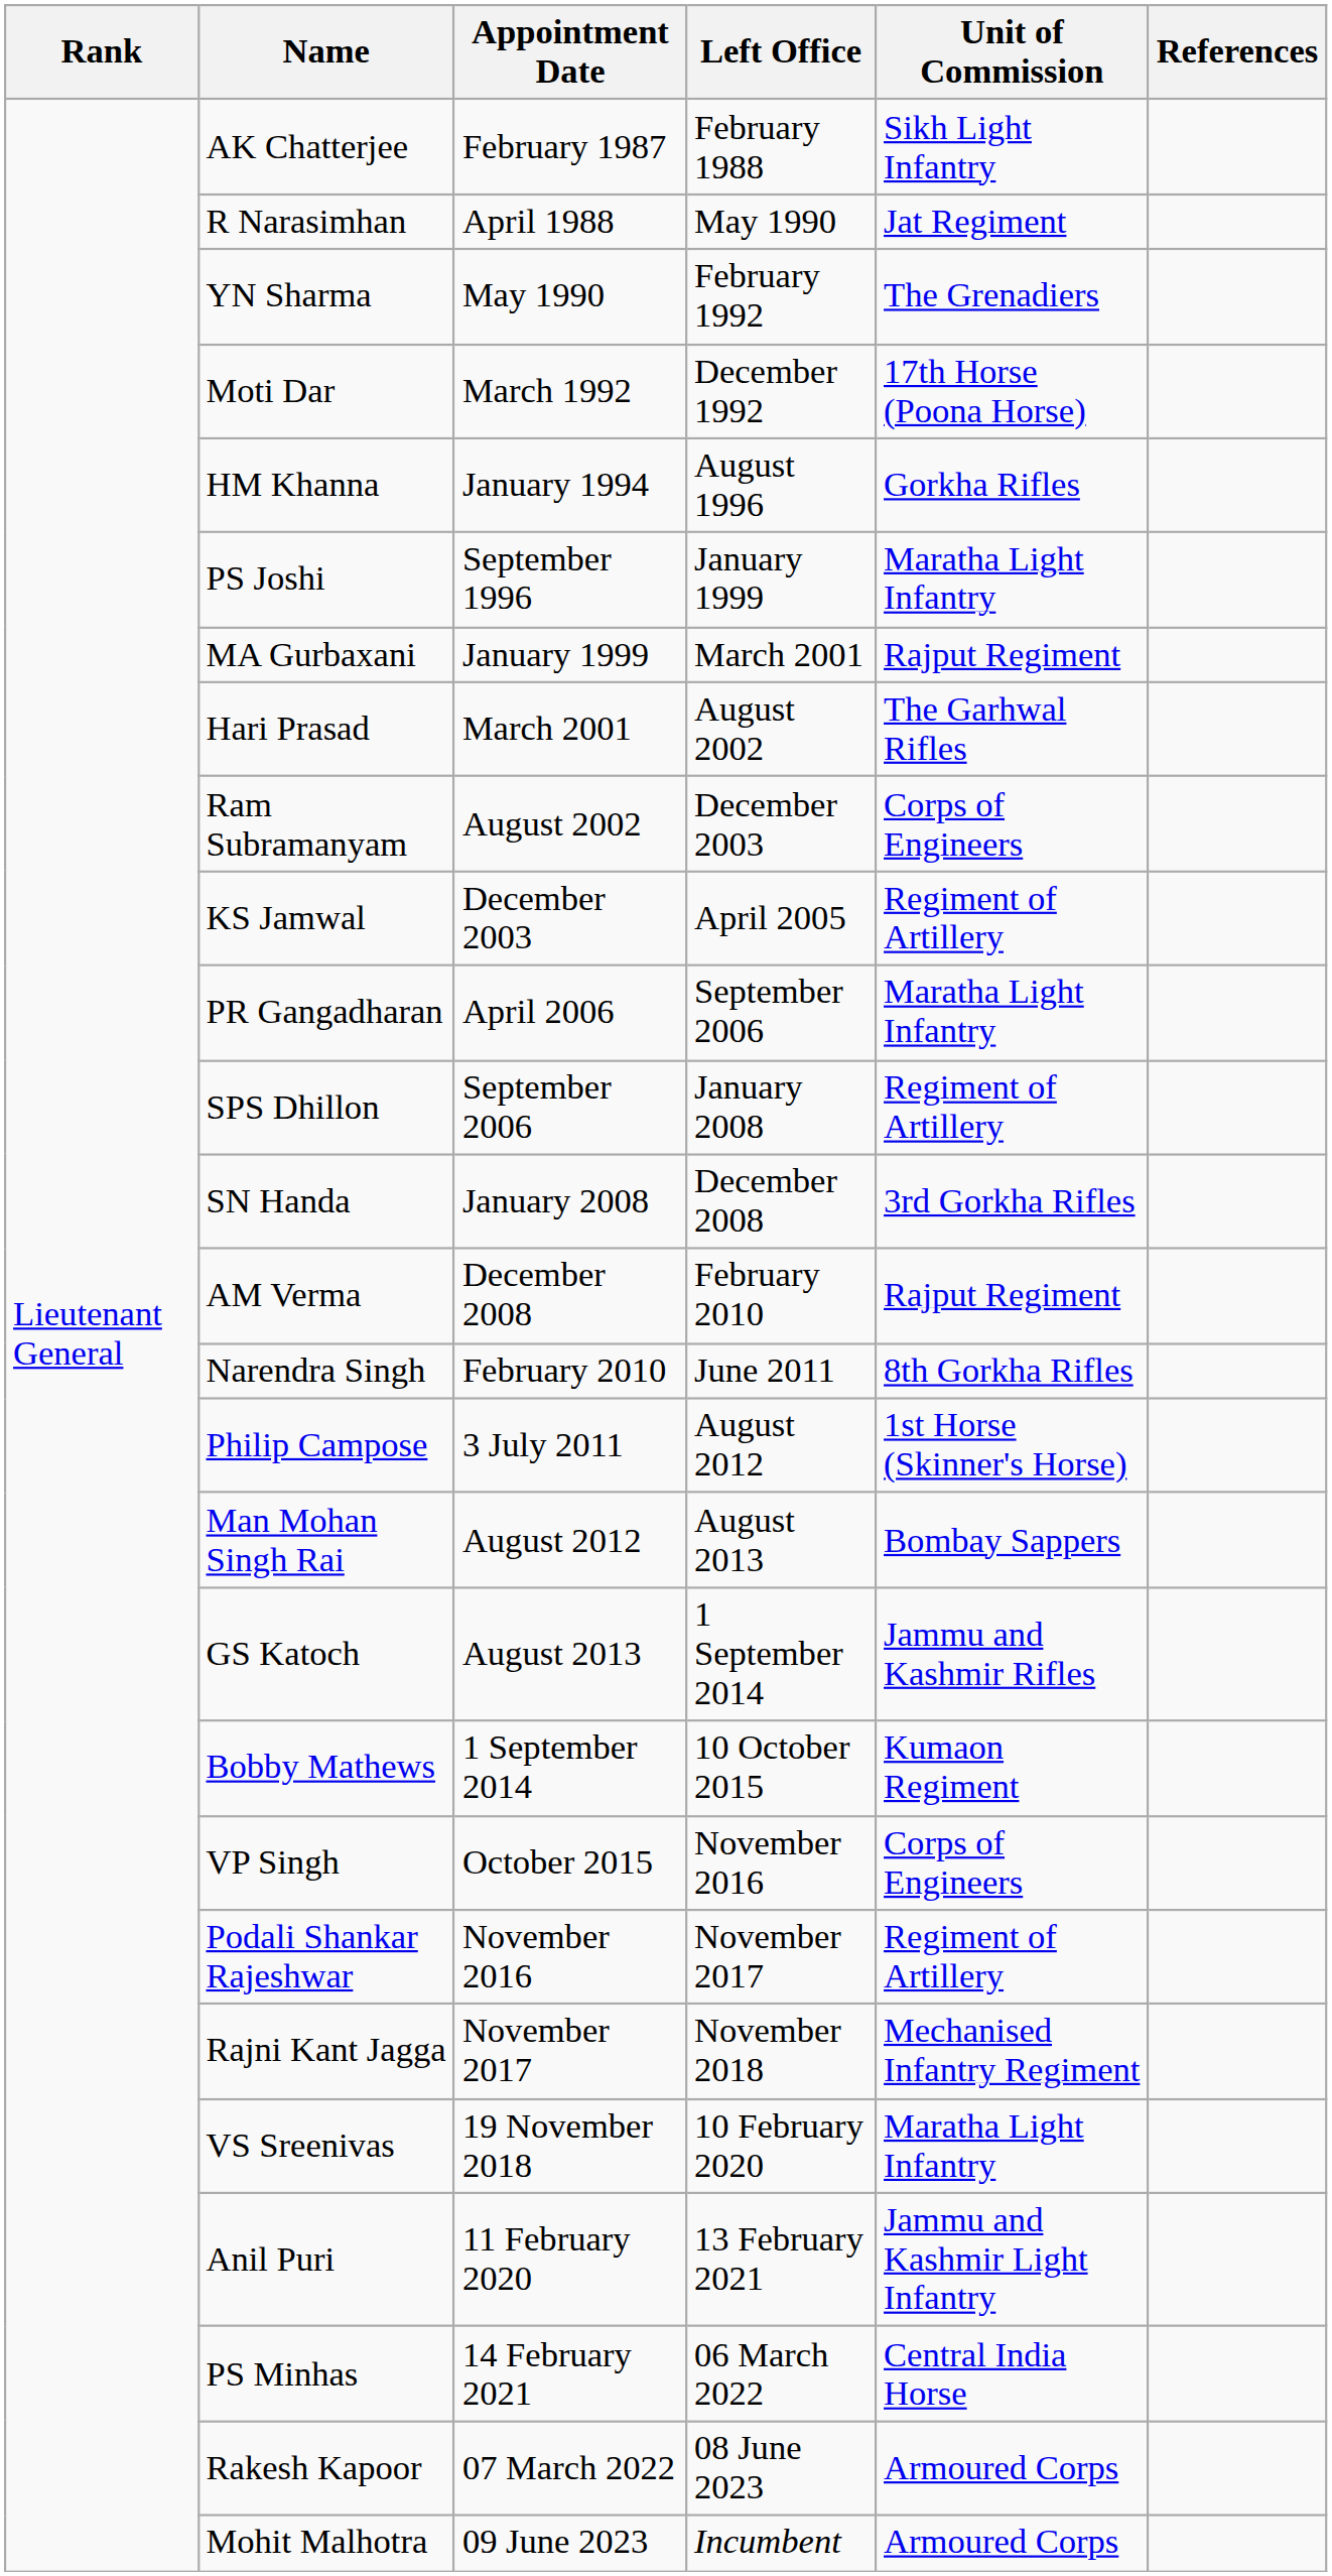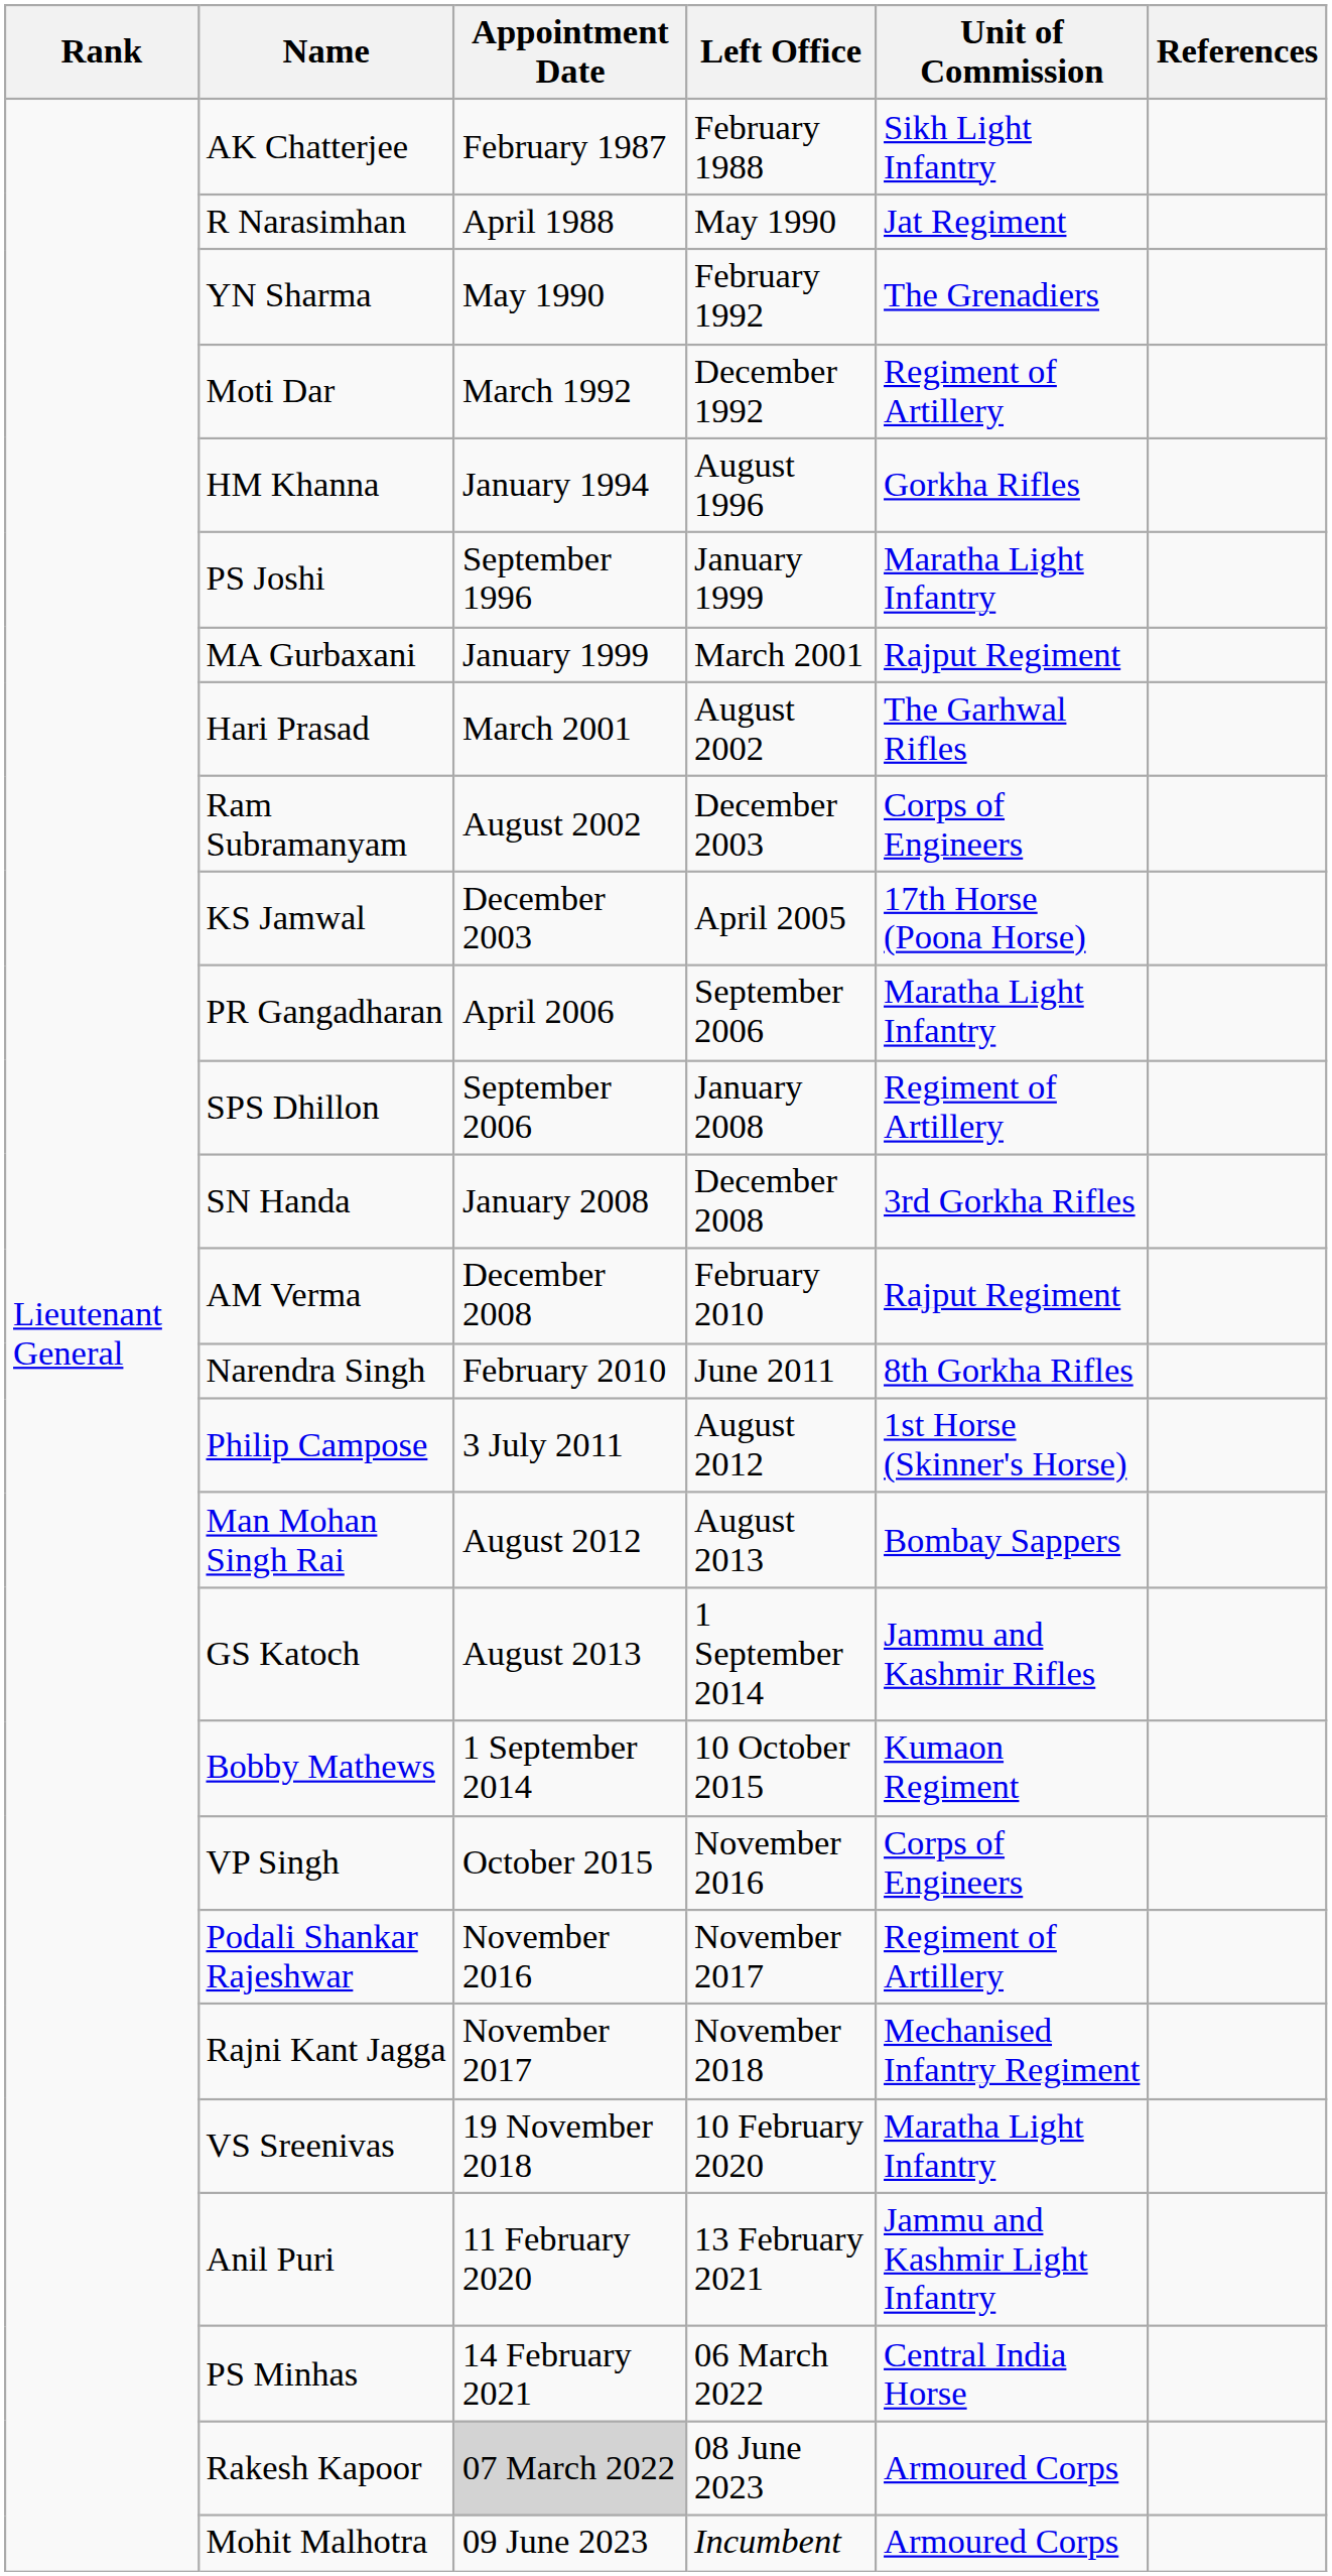 <table class="wikitable">
 <tr>
 <th>Rank</th>
 <th>Name</th>
 <th>Appointment Date</th>
 <th>Left Office</th>
 <th>Unit of Commission</th>
 <th>References</th>
 </tr>
 <tr>
 <td rowspan="27"><a href='#'>Lieutenant General</a></td>
 <td>AK Chatterjee</td>
 <td>February 1987</td>
 <td>February 1988</td>
 <td><a href='#'>Sikh Light Infantry</a></td>
 <td></td>
 </tr>
 <tr>
 <td>R Narasimhan</td>
 <td>April 1988</td>
 <td>May 1990</td>
 <td><a href='#'>Jat Regiment</a></td>
 <td></td>
 </tr>
 <tr>
 <td>YN Sharma</td>
 <td>May 1990</td>
 <td>February 1992</td>
 <td><a href='#'>The Grenadiers</a></td>
 <td></td>
 </tr>
 <tr>
 <td>Moti Dar</td>
 <td>March 1992</td>
 <td>December 1992</td>
-<td><a href='#'>17th Horse (Poona Horse)</a></td>
+<td><a href='#'>Regiment of Artillery</a></td>
 <td></td>
 </tr>
 <tr>
 <td>HM Khanna</td>
 <td>January 1994</td>
 <td>August 1996</td>
 <td><a href='#'>Gorkha Rifles</a></td>
 <td></td>
 </tr>
 <tr>
 <td>PS Joshi</td>
 <td>September 1996</td>
 <td>January 1999</td>
 <td><a href='#'>Maratha Light Infantry</a></td>
 <td></td>
 </tr>
 <tr>
 <td>MA Gurbaxani</td>
 <td>January 1999</td>
 <td>March 2001</td>
 <td><a href='#'>Rajput Regiment</a></td>
 <td></td>
 </tr>
 <tr>
 <td>Hari Prasad</td>
 <td>March 2001</td>
 <td>August 2002</td>
 <td><a href='#'>The Garhwal Rifles</a></td>
 <td></td>
 </tr>
 <tr>
 <td>Ram Subramanyam</td>
 <td>August 2002</td>
 <td>December 2003</td>
 <td><a href='#'>Corps of Engineers</a></td>
 <td></td>
 </tr>
 <tr>
 <td>KS Jamwal</td>
 <td>December 2003</td>
 <td>April 2005</td>
-<td><a href='#'>Regiment of Artillery</a></td>
+<td><a href='#'>17th Horse (Poona Horse)</a></td>
 <td></td>
 </tr>
 <tr>
 <td>PR Gangadharan</td>
 <td>April 2006</td>
 <td>September 2006</td>
 <td><a href='#'>Maratha Light Infantry</a></td>
 <td></td>
 </tr>
 <tr>
 <td>SPS Dhillon</td>
 <td>September 2006</td>
 <td>January 2008</td>
 <td><a href='#'>Regiment of Artillery</a></td>
 <td></td>
 </tr>
 <tr>
 <td>SN Handa</td>
 <td>January 2008</td>
 <td>December 2008</td>
 <td><a href='#'>3rd Gorkha Rifles</a></td>
 <td></td>
 </tr>
 <tr>
 <td>AM Verma</td>
 <td>December 2008</td>
 <td>February 2010</td>
 <td><a href='#'>Rajput Regiment</a></td>
 <td></td>
 </tr>
 <tr>
 <td>Narendra Singh</td>
 <td>February 2010</td>
 <td>June 2011</td>
 <td><a href='#'>8th Gorkha Rifles</a></td>
 <td></td>
 </tr>
 <tr>
 <td><a href='#'>Philip Campose</a></td>
 <td>3 July 2011</td>
 <td>August 2012</td>
 <td><a href='#'>1st Horse (Skinner's Horse)</a></td>
 <td></td>
 </tr>
 <tr>
 <td><a href='#'>Man Mohan Singh Rai</a></td>
 <td>August 2012</td>
 <td>August 2013</td>
 <td><a href='#'>Bombay Sappers</a></td>
 <td></td>
 </tr>
 <tr>
 <td>GS Katoch</td>
 <td>August 2013</td>
 <td>1 September 2014</td>
 <td><a href='#'>Jammu and Kashmir Rifles</a></td>
 <td></td>
 </tr>
 <tr>
 <td><a href='#'>Bobby Mathews</a></td>
 <td>1 September 2014</td>
 <td>10 October 2015</td>
 <td><a href='#'>Kumaon Regiment</a></td>
 <td></td>
 </tr>
 <tr>
 <td>VP Singh</td>
 <td>October 2015</td>
 <td>November 2016</td>
 <td><a href='#'>Corps of Engineers</a></td>
 <td></td>
 </tr>
 <tr>
 <td><a href='#'>Podali Shankar Rajeshwar</a></td>
 <td>November 2016</td>
 <td>November 2017</td>
 <td><a href='#'>Regiment of Artillery</a></td>
 <td></td>
 </tr>
 <tr>
 <td>Rajni Kant Jagga</td>
 <td>November 2017</td>
 <td>November 2018</td>
 <td><a href='#'>Mechanised Infantry Regiment</a></td>
 <td></td>
 </tr>
 <tr>
 <td>VS Sreenivas</td>
 <td>19 November 2018</td>
 <td>10 February 2020</td>
 <td><a href='#'>Maratha Light Infantry</a></td>
 <td></td>
 </tr>
 <tr>
 <td>Anil Puri</td>
 <td>11 February 2020</td>
 <td>13 February 2021</td>
 <td><a href='#'>Jammu and Kashmir Light Infantry</a></td>
 <td></td>
 </tr>
 <tr>
 <td>PS Minhas</td>
 <td>14 February 2021</td>
 <td>06 March 2022</td>
 <td><a href='#'>Central India Horse</a></td>
 <td></td>
 </tr>
 <tr>
 <td>Rakesh Kapoor</td>
-<td>07 March 2022</td>
+<td style="background: lightgrey;">07 March 2022</td>
 <td>08 June 2023</td>
 <td><a href='#'>Armoured Corps</a></td>
 <td></td>
 </tr>
 <tr>
 <td>Mohit Malhotra</td>
 <td>09 June 2023</td>
 <td><em>Incumbent</em></td>
 <td><a href='#'>Armoured Corps</a></td>
 <td></td>
 </tr>
 </table>
